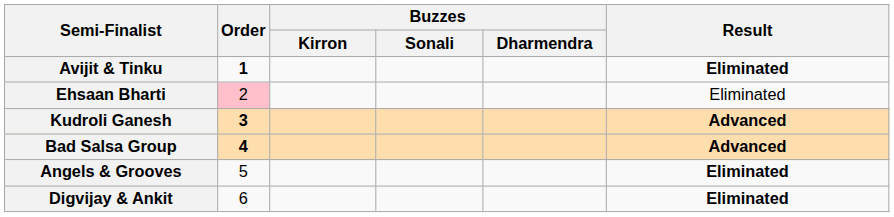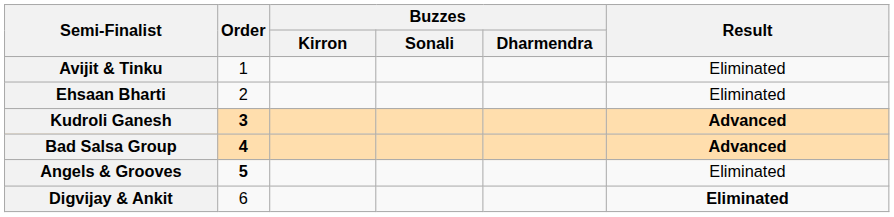 <table class="wikitable plainrowheaders sortable" style="text-align:center;">
 <tr>
 <th rowspan="2" scope="col" class="unsortable" style="width:17em;">Semi-Finalist</th>
 <th rowspan="2" scope="col" style="width:1em;">Order</th>
 <th colspan="3" scope="col" class="unsortable" style="width:24em;">Buzzes</th>
 <th rowspan="2" scope="col" style="width:23em;">Result</th>
 </tr>
 <tr>
 <th scope="col" class="unsortable" style="width:6em;">Kirron</th>
 <th scope="col" class="unsortable" style="width:6em;">Sonali</th>
 <th scope="col" class="unsortable" style="width:6em;">Dharmendra</th>
 </tr>
 <tr>
 <th scope="row">Avijit & Tinku</th>
-<td><strong>1</strong></td>
+<td>1</td>
 <td style="text-align:center;"></td>
 <td style="text-align:center;"></td>
 <td style="text-align:center;"></td>
-<td><strong>Eliminated</strong></td>
+<td>Eliminated</td>
 </tr>
 <tr>
 <th scope="row">Ehsaan Bharti</th>
-<td style="background: pink;">2</td>
+<td>2</td>
 <td style="text-align:center;"></td>
 <td style="text-align:center;"></td>
 <td style="text-align:center;"></td>
 <td>Eliminated</td>
 </tr>
 <tr style="background:NavajoWhite;">
 <th scope="row"><strong>Kudroli Ganesh</strong></th>
 <td><strong>3</strong></td>
 <td style="text-align:center;"></td>
 <td style="text-align:center;"></td>
 <td style="text-align:center;"></td>
 <td><strong>Advanced</strong></td>
 </tr>
 <tr style="background:NavajoWhite;">
 <th scope="row"><strong>Bad Salsa Group</strong></th>
 <td><strong>4</strong></td>
 <td style="text-align:center;"></td>
 <td style="text-align:center;"></td>
 <td style="text-align:center;"></td>
 <td><strong>Advanced</strong></td>
 </tr>
 <tr>
 <th scope="row">Angels & Grooves</th>
-<td>5</td>
+<td><strong>5</strong></td>
 <td style="text-align:center;"></td>
 <td style="text-align:center;"></td>
 <td style="text-align:center;"></td>
-<td><strong>Eliminated</strong></td>
+<td>Eliminated</td>
 </tr>
 <tr>
 <th scope="row">Digvijay & Ankit</th>
 <td>6</td>
 <td style="text-align:center;"></td>
 <td style="text-align:center;"></td>
 <td style="text-align:center;"></td>
 <td><strong>Eliminated</strong></td>
 </tr>
 </table>
